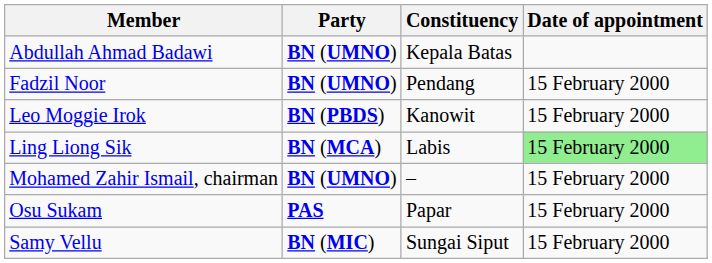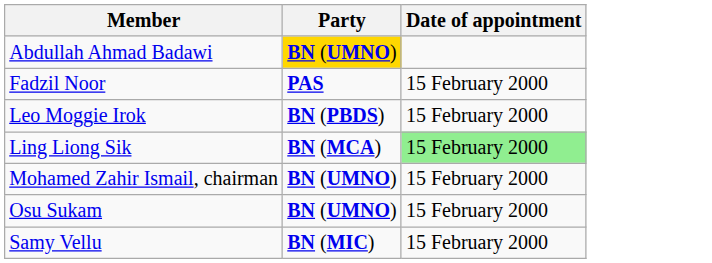 <table class=wikitable>
 <tr>
 <th>Member</th>
 <th>Party</th>
-<th>Constituency</th>
 <th>Date of appointment</th>
 </tr>
 <tr>
 <td><a href='#'>Abdullah Ahmad Badawi</a></td>
-<td><strong><a href='#'>BN</a></strong> (<strong><a href='#'>UMNO</a></strong>)</td>
-<td>Kepala Batas</td>
+<td style="background: gold;"><strong><a href='#'>BN</a></strong> (<strong><a href='#'>UMNO</a></strong>)</td>
 <td></td>
 </tr>
 <tr>
 <td><a href='#'>Fadzil Noor</a></td>
-<td><strong><a href='#'>BN</a></strong> (<strong><a href='#'>UMNO</a></strong>)</td>
-<td>Pendang</td>
+<td><strong><a href='#'>PAS</a></strong></td>
 <td>15 February 2000</td>
 </tr>
 <tr>
 <td><a href='#'>Leo Moggie Irok</a></td>
 <td><strong><a href='#'>BN</a></strong> (<strong><a href='#'>PBDS</a></strong>)</td>
-<td>Kanowit</td>
 <td>15 February 2000</td>
 </tr>
 <tr>
 <td><a href='#'>Ling Liong Sik</a></td>
 <td><strong><a href='#'>BN</a></strong> (<strong><a href='#'>MCA</a></strong>)</td>
-<td>Labis</td>
 <td style="background: lightgreen;">15 February 2000</td>
 </tr>
 <tr>
 <td><a href='#'>Mohamed Zahir Ismail</a>, chairman</td>
 <td><strong><a href='#'>BN</a></strong> (<strong><a href='#'>UMNO</a></strong>)</td>
-<td>–</td>
 <td>15 February 2000</td>
 </tr>
 <tr>
 <td><a href='#'>Osu Sukam</a></td>
-<td><strong><a href='#'>PAS</a></strong></td>
-<td>Papar</td>
+<td><strong><a href='#'>BN</a></strong> (<strong><a href='#'>UMNO</a></strong>)</td>
 <td>15 February 2000</td>
 </tr>
 <tr>
 <td><a href='#'>Samy Vellu</a></td>
 <td><strong><a href='#'>BN</a></strong> (<strong><a href='#'>MIC</a></strong>)</td>
-<td>Sungai Siput</td>
 <td>15 February 2000</td>
 </tr>
 </table>
